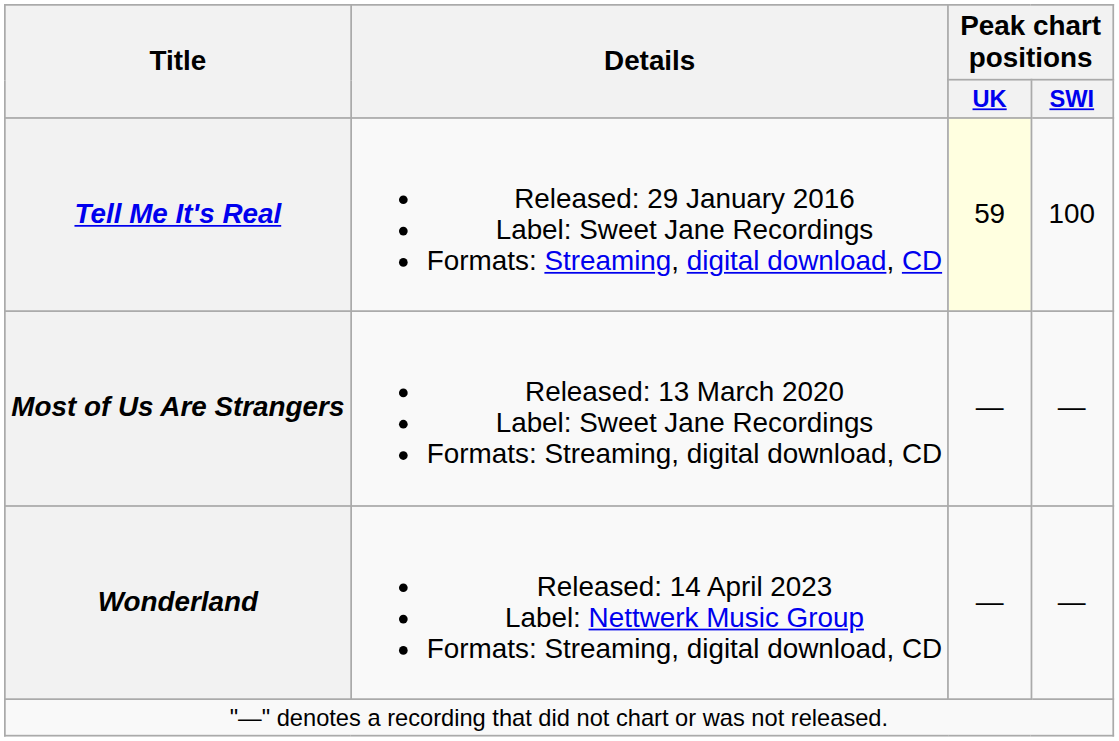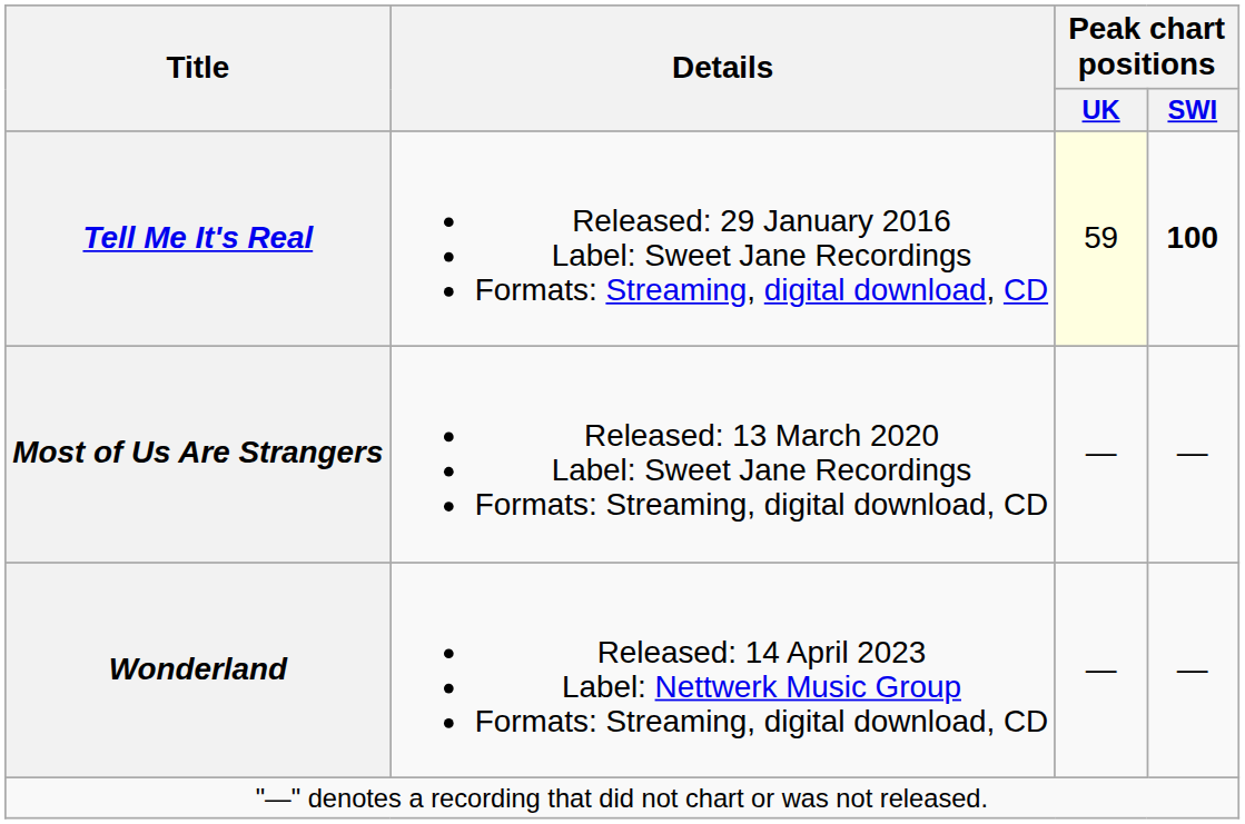 <table class="wikitable plainrowheaders" style="text-align:center;">
 <tr>
 <th scope="col" rowspan="2">Title</th>
 <th scope="col" rowspan="2">Details</th>
 <th scope="col" colspan="2">Peak chart positions</th>
 </tr>
 <tr>
 <th scope="col" style="width:3em;font-size:85%;"><a href='#'>UK</a><br></th>
 <th scope="col" style="width:3em;font-size:85%;"><a href='#'>SWI</a><br></th>
 </tr>
 <tr>
 <th scope="row"><em><a href='#'>Tell Me It's Real</a></em></th>
 <td><br><ul><li>Released: 29 January 2016</li><li>Label: Sweet Jane Recordings</li><li>Formats: <a href='#'>Streaming</a>, <a href='#'>digital download</a>, <a href='#'>CD</a></li></ul></td>
 <td style="background: lightyellow;">59</td>
-<td>100</td>
+<td><strong>100</strong></td>
 </tr>
 <tr>
 <th scope="row"><em>Most of Us Are Strangers</em></th>
 <td><br><ul><li>Released: 13 March 2020</li><li>Label: Sweet Jane Recordings</li><li>Formats: Streaming, digital download, CD</li></ul></td>
 <td>—</td>
 <td>—</td>
 </tr>
 <tr>
 <th scope="row"><em>Wonderland</em></th>
 <td><br><ul><li>Released: 14 April 2023</li><li>Label: <a href='#'>Nettwerk Music Group</a></li><li>Formats: Streaming, digital download, CD</li></ul></td>
 <td>—</td>
 <td>—</td>
 </tr>
 <tr>
 <td colspan="20" style="text-align:center; font-size:85%;">"—" denotes a recording that did not chart or was not released.</td>
 </tr>
 </table>
